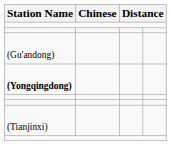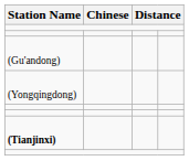 <table class="wikitable">
 <tr>
 <th>Station Name</th>
 <th>Chinese</th>
 <th colspan="2">Distance<br></th>
 </tr>
 <tr style="background:#">
 <td colspan = "11"></td>
 </tr>
 <tr>
 <td></td>
 <td></td>
 <td></td>
 <td></td>
 </tr>
 <tr>
 <td><br><small>(Gu'andong)</small></td>
 <td></td>
 <td></td>
 <td></td>
 </tr>
 <tr>
-<td><strong><br><small>(Yongqingdong)</small></strong></td>
+<td><br><small>(Yongqingdong)</small></td>
 <td></td>
 <td></td>
 <td></td>
 </tr>
 <tr>
 <td></td>
 <td></td>
 <td></td>
 <td></td>
 </tr>
 <tr>
 <td></td>
 <td></td>
 <td></td>
 <td></td>
 </tr>
 <tr>
-<td><br><small>(Tianjinxi)</small></td>
+<td><strong><br><small>(Tianjinxi)</small></strong></td>
 <td></td>
 <td></td>
 <td></td>
 </tr>
 <tr style="background:#">
 <td colspan = "11"></td>
 </tr>
 </table>
